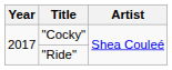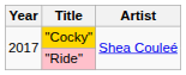 <table class="wikitable">
 <tr>
 <th>Year</th>
 <th>Title</th>
 <th>Artist</th>
 </tr>
 <tr>
 <td rowspan="2">2017</td>
-<td>"Cocky"</td>
+<td style="background: gold;">"Cocky"</td>
 <td rowspan="2"><a href='#'>Shea Couleé</a></td>
 </tr>
 <tr>
-<td>"Ride"</td>
+<td style="background: pink;">"Ride"</td>
 </tr>
 </table>
